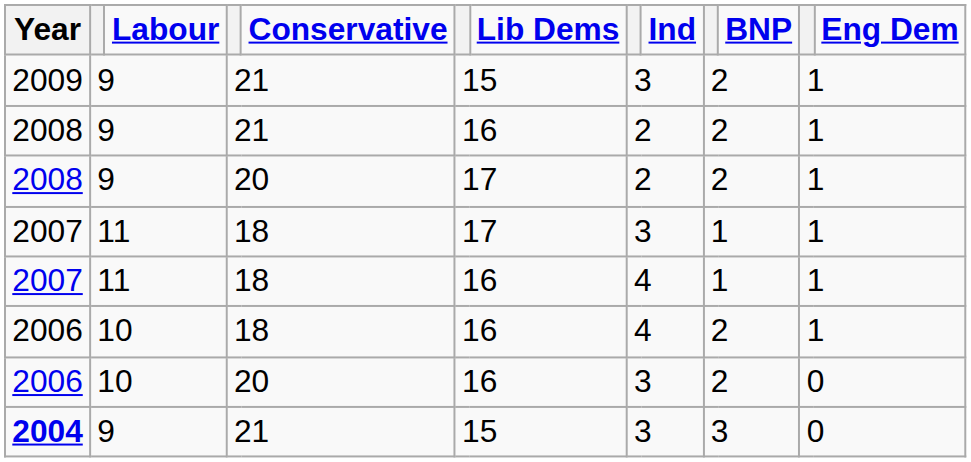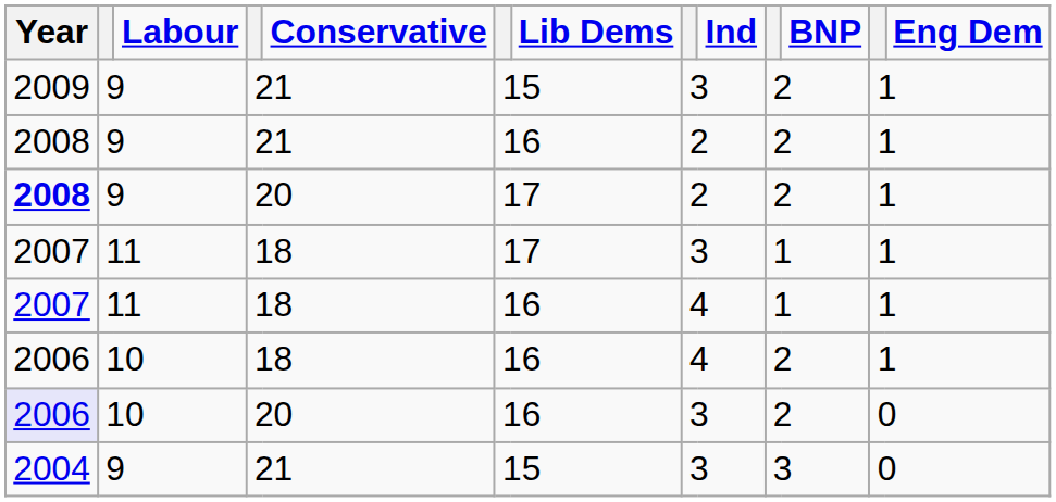 <table class="wikitable">
 <tr>
 <th>Year</th>
 <th style="background-color: "></th>
 <td><strong><a href='#'>Labour</a></strong></td>
 <th style="background-color: "></th>
 <td><strong><a href='#'>Conservative</a></strong></td>
 <th style="background-color: "></th>
 <td><strong><a href='#'>Lib Dems</a></strong></td>
 <th style="background-color: "></th>
 <td><strong><a href='#'>Ind</a></strong></td>
 <th style="background-color: "></th>
 <td><strong><a href='#'>BNP</a></strong></td>
 <th style="background-color: "></th>
 <td><strong><a href='#'>Eng Dem</a></strong></td>
 </tr>
 <tr>
 <td>2009</td>
 <td colspan=2>9</td>
 <td colspan=2>21</td>
 <td colspan=2>15</td>
 <td colspan=2>3</td>
 <td colspan=2>2</td>
 <td colspan=2>1</td>
 </tr>
 <tr>
 <td>2008</td>
 <td colspan=2>9</td>
 <td colspan=2>21</td>
 <td colspan=2>16</td>
 <td colspan=2>2</td>
 <td colspan=2>2</td>
 <td colspan=2>1</td>
 </tr>
 <tr>
-<td><a href='#'>2008</a></td>
+<td><strong><a href='#'>2008</a></strong></td>
 <td colspan=2>9</td>
 <td colspan=2>20</td>
 <td colspan=2>17</td>
 <td colspan=2>2</td>
 <td colspan=2>2</td>
 <td colspan=2>1</td>
 </tr>
 <tr>
 <td>2007</td>
 <td colspan=2>11</td>
 <td colspan=2>18</td>
 <td colspan=2>17</td>
 <td colspan=2>3</td>
 <td colspan=2>1</td>
 <td colspan=2>1</td>
 </tr>
 <tr>
 <td><a href='#'>2007</a></td>
 <td colspan=2>11</td>
 <td colspan=2>18</td>
 <td colspan=2>16</td>
 <td colspan=2>4</td>
 <td colspan=2>1</td>
 <td colspan=2>1</td>
 </tr>
 <tr>
 <td>2006</td>
 <td colspan=2>10</td>
 <td colspan=2>18</td>
 <td colspan=2>16</td>
 <td colspan=2>4</td>
 <td colspan=2>2</td>
 <td colspan=2>1</td>
 </tr>
 <tr>
-<td><a href='#'>2006</a></td>
+<td style="background: lavender;"><a href='#'>2006</a></td>
 <td colspan=2>10</td>
 <td colspan=2>20</td>
 <td colspan=2>16</td>
 <td colspan=2>3</td>
 <td colspan=2>2</td>
 <td colspan=2>0</td>
 </tr>
 <tr>
-<td><strong><a href='#'>2004</a></strong></td>
+<td><a href='#'>2004</a></td>
 <td colspan=2>9</td>
 <td colspan=2>21</td>
 <td colspan=2>15</td>
 <td colspan=2>3</td>
 <td colspan=2>3</td>
 <td colspan=2>0</td>
 </tr>
 </table>
